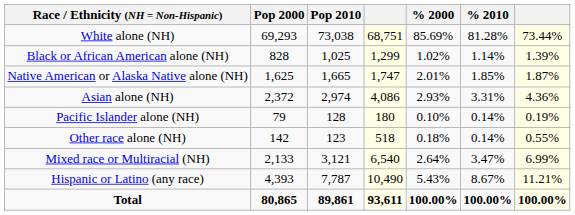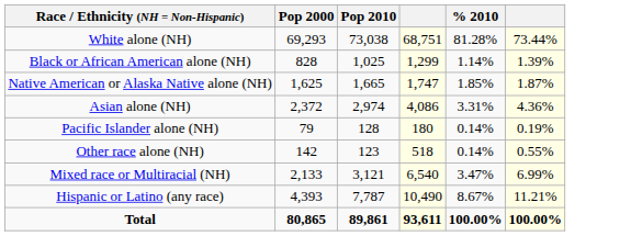 <table class="wikitable" style="text-align:center;">
 <tr>
 <th>Race / Ethnicity <small>(<em>NH = Non-Hispanic</em>)</small></th>
 <th>Pop 2000</th>
 <th>Pop 2010</th>
 <th></th>
-<th>% 2000</th>
 <th>% 2010</th>
 <th></th>
 </tr>
 <tr>
 <td><a href='#'>White</a> alone (NH)</td>
 <td>69,293</td>
 <td>73,038</td>
 <td style='background: #ffffe6;'>68,751</td>
-<td>85.69%</td>
 <td>81.28%</td>
 <td style='background: #ffffe6;'>73.44%</td>
 </tr>
 <tr>
 <td><a href='#'>Black or African American</a> alone (NH)</td>
 <td>828</td>
 <td>1,025</td>
 <td style='background: #ffffe6;'>1,299</td>
-<td>1.02%</td>
 <td>1.14%</td>
 <td style='background: #ffffe6;'>1.39%</td>
 </tr>
 <tr>
 <td><a href='#'>Native American</a> or <a href='#'>Alaska Native</a> alone (NH)</td>
 <td>1,625</td>
 <td>1,665</td>
 <td style='background: #ffffe6;'>1,747</td>
-<td>2.01%</td>
 <td>1.85%</td>
 <td style='background: #ffffe6;'>1.87%</td>
 </tr>
 <tr>
 <td><a href='#'>Asian</a> alone (NH)</td>
 <td>2,372</td>
 <td>2,974</td>
 <td style='background: #ffffe6;'>4,086</td>
-<td>2.93%</td>
 <td>3.31%</td>
 <td style='background: #ffffe6;'>4.36%</td>
 </tr>
 <tr>
 <td><a href='#'>Pacific Islander</a> alone (NH)</td>
 <td>79</td>
 <td>128</td>
 <td style='background: #ffffe6;'>180</td>
-<td>0.10%</td>
 <td>0.14%</td>
 <td style='background: #ffffe6;'>0.19%</td>
 </tr>
 <tr>
 <td><a href='#'>Other race</a> alone (NH)</td>
 <td>142</td>
 <td>123</td>
 <td style='background: #ffffe6;'>518</td>
-<td>0.18%</td>
 <td>0.14%</td>
 <td style='background: #ffffe6;'>0.55%</td>
 </tr>
 <tr>
 <td><a href='#'>Mixed race or Multiracial</a> (NH)</td>
 <td>2,133</td>
 <td>3,121</td>
 <td style='background: #ffffe6;'>6,540</td>
-<td>2.64%</td>
 <td>3.47%</td>
 <td style='background: #ffffe6;'>6.99%</td>
 </tr>
 <tr>
 <td><a href='#'>Hispanic or Latino</a> (any race)</td>
 <td>4,393</td>
 <td>7,787</td>
 <td style='background: #ffffe6;'>10,490</td>
-<td>5.43%</td>
 <td>8.67%</td>
 <td style='background: #ffffe6;'>11.21%</td>
 </tr>
 <tr>
 <td><strong>Total</strong></td>
 <td><strong>80,865</strong></td>
 <td><strong>89,861</strong></td>
 <td style='background: #ffffe6;'><strong>93,611</strong></td>
 <td><strong>100.00%</strong></td>
-<td><strong>100.00%</strong></td>
 <td style='background: #ffffe6;'><strong>100.00%</strong></td>
 </tr>
 </table>
